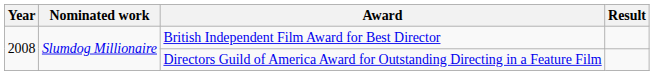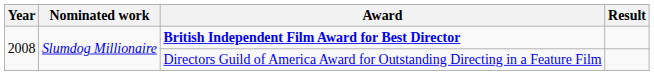 <table class="wikitable sortable">
 <tr>
 <th>Year</th>
 <th>Nominated work</th>
 <th>Award</th>
 <th>Result</th>
 </tr>
 <tr>
 <td rowspan=2>2008</td>
 <td rowspan=2><em><a href='#'>Slumdog Millionaire</a></em></td>
-<td><a href='#'>British Independent Film Award for Best Director</a></td>
+<td><strong><a href='#'>British Independent Film Award for Best Director</a></strong></td>
 <td></td>
 </tr>
 <tr>
 <td><a href='#'>Directors Guild of America Award for Outstanding Directing in a Feature Film</a></td>
 <td></td>
 </tr>
 </table>
